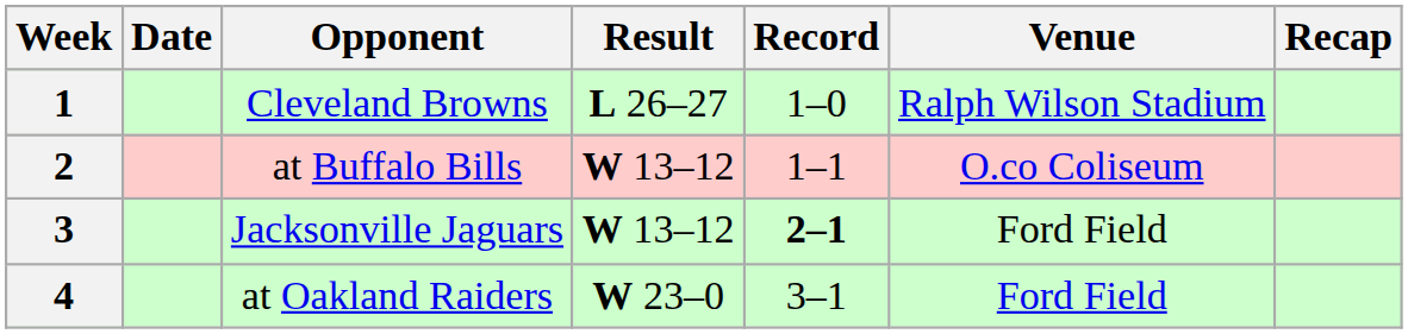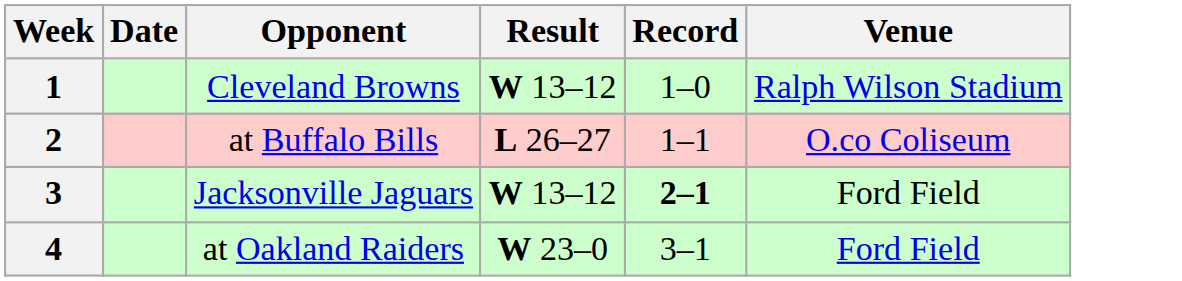 <table class="wikitable" style="text-align:center">
 <tr>
 <th>Week</th>
 <th>Date</th>
 <th>Opponent</th>
 <th>Result</th>
 <th>Record</th>
 <th>Venue</th>
-<th>Recap</th>
 </tr>
 <tr style="background:#cfc">
 <th>1</th>
 <td></td>
 <td><a href='#'>Cleveland Browns</a></td>
-<td><strong>L</strong> 26–27</td>
+<td><strong>W</strong> 13–12</td>
 <td>1–0</td>
 <td><a href='#'>Ralph Wilson Stadium</a></td>
-<td></td>
 </tr>
 <tr style="background:#fcc">
 <th>2</th>
 <td></td>
 <td>at <a href='#'>Buffalo Bills</a></td>
-<td><strong>W</strong> 13–12</td>
+<td><strong>L</strong> 26–27</td>
 <td>1–1</td>
 <td><a href='#'>O.co Coliseum</a></td>
-<td></td>
 </tr>
 <tr style="background:#cfc">
 <th>3</th>
 <td></td>
 <td><a href='#'>Jacksonville Jaguars</a></td>
 <td><strong>W</strong> 13–12</td>
 <td><strong>2–1</strong></td>
 <td>Ford Field</td>
-<td></td>
 </tr>
 <tr style="background:#cfc">
 <th>4</th>
 <td></td>
 <td>at <a href='#'>Oakland Raiders</a></td>
 <td><strong>W</strong> 23–0</td>
 <td>3–1</td>
 <td><a href='#'>Ford Field</a></td>
-<td></td>
 </tr>
 </table>
